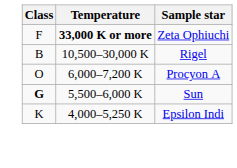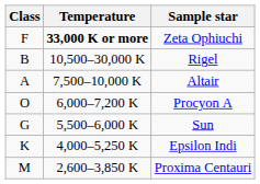 <table class="wikitable" style="float: right; text-align: center; margin-left: 1em;">
 <tr>
 <th>Class</th>
 <th>Temperature</th>
 <th>Sample star</th>
 </tr>
 <tr style="background: ">
 <td>F</td>
 <td><strong>33,000 K or more</strong></td>
 <td><a href='#'>Zeta Ophiuchi</a></td>
 </tr>
 <tr style="background: ">
 <td>B</td>
 <td>10,500–30,000 K</td>
 <td><a href='#'>Rigel</a></td>
 </tr>
 <tr style="background: ">
+<td>A</td>
+<td>7,500–10,000 K</td>
+<td><a href='#'>Altair</a></td>
+</tr>
+<tr style="background: ">
 <td>O</td>
 <td>6,000–7,200 K</td>
 <td><a href='#'>Procyon A</a></td>
 </tr>
 <tr style="background: ">
-<td><strong>G</strong></td>
+<td>G</td>
 <td>5,500–6,000 K</td>
 <td><a href='#'>Sun</a></td>
 </tr>
 <tr style="background: ">
 <td>K</td>
 <td>4,000–5,250 K</td>
 <td><a href='#'>Epsilon Indi</a></td>
 </tr>
+<tr style="background: ">
+<td>M</td>
+<td>2,600–3,850 K</td>
+<td><a href='#'>Proxima Centauri</a></td>
+</tr>
 </table>
